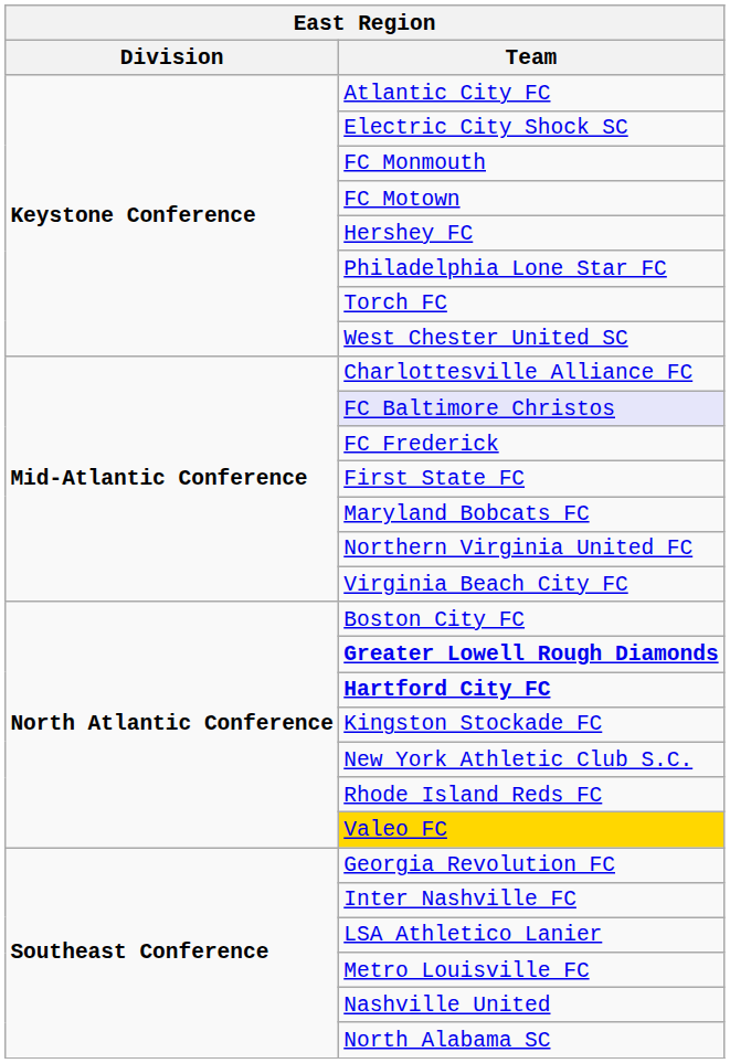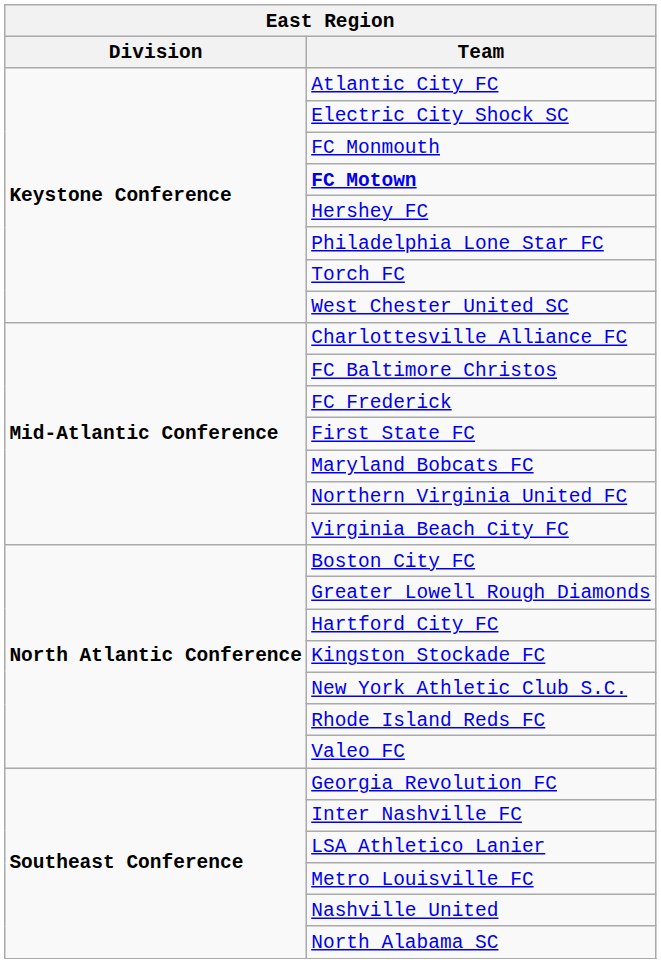 <table class="wikitable" style="text-align:left">
 <tr>
 <th colspan=3>East Region</th>
 </tr>
 <tr>
 <th>Division</th>
 <th>Team</th>
 </tr>
 <tr>
 <td rowspan=8><strong>Keystone Conference</strong></td>
 <td><a href='#'>Atlantic City FC</a></td>
 </tr>
 <tr>
 <td><a href='#'>Electric City Shock SC</a></td>
 </tr>
 <tr>
 <td><a href='#'>FC Monmouth</a></td>
 </tr>
 <tr>
-<td><a href='#'>FC Motown</a></td>
+<td><strong><a href='#'>FC Motown</a></strong></td>
 </tr>
 <tr>
 <td><a href='#'>Hershey FC</a></td>
 </tr>
 <tr>
 <td><a href='#'>Philadelphia Lone Star FC</a></td>
 </tr>
 <tr>
 <td><a href='#'>Torch FC</a></td>
 </tr>
 <tr>
 <td><a href='#'>West Chester United SC</a></td>
 </tr>
 <tr>
 <td rowspan=7><strong>Mid-Atlantic Conference</strong></td>
 <td><a href='#'>Charlottesville Alliance FC</a></td>
 </tr>
 <tr>
-<td style="background: lavender;"><a href='#'>FC Baltimore Christos</a></td>
+<td><a href='#'>FC Baltimore Christos</a></td>
 </tr>
 <tr>
 <td><a href='#'>FC Frederick</a></td>
 </tr>
 <tr>
 <td><a href='#'>First State FC</a></td>
 </tr>
 <tr>
 <td><a href='#'>Maryland Bobcats FC</a></td>
 </tr>
 <tr>
 <td><a href='#'>Northern Virginia United FC</a></td>
 </tr>
 <tr>
 <td><a href='#'>Virginia Beach City FC</a></td>
 </tr>
 <tr>
 <td rowspan=7><strong>North Atlantic Conference</strong></td>
 <td><a href='#'>Boston City FC</a></td>
 </tr>
 <tr>
-<td><strong><a href='#'>Greater Lowell Rough Diamonds</a></strong></td>
+<td><a href='#'>Greater Lowell Rough Diamonds</a></td>
 </tr>
 <tr>
-<td><strong><a href='#'>Hartford City FC</a></strong></td>
+<td><a href='#'>Hartford City FC</a></td>
 </tr>
 <tr>
 <td><a href='#'>Kingston Stockade FC</a></td>
 </tr>
 <tr>
 <td><a href='#'>New York Athletic Club S.C.</a></td>
 </tr>
 <tr>
 <td><a href='#'>Rhode Island Reds FC</a></td>
 </tr>
 <tr>
-<td style="background: gold;"><a href='#'>Valeo FC</a></td>
+<td><a href='#'>Valeo FC</a></td>
 </tr>
 <tr>
 <td rowspan=6><strong>Southeast Conference</strong></td>
 <td><a href='#'>Georgia Revolution FC</a></td>
 </tr>
 <tr>
 <td><a href='#'>Inter Nashville FC</a></td>
 </tr>
 <tr>
 <td><a href='#'>LSA Athletico Lanier</a></td>
 </tr>
 <tr>
 <td><a href='#'>Metro Louisville FC</a></td>
 </tr>
 <tr>
 <td><a href='#'>Nashville United</a></td>
 </tr>
 <tr>
 <td><a href='#'>North Alabama SC</a></td>
 </tr>
 <tr>
 </tr>
 </table>
